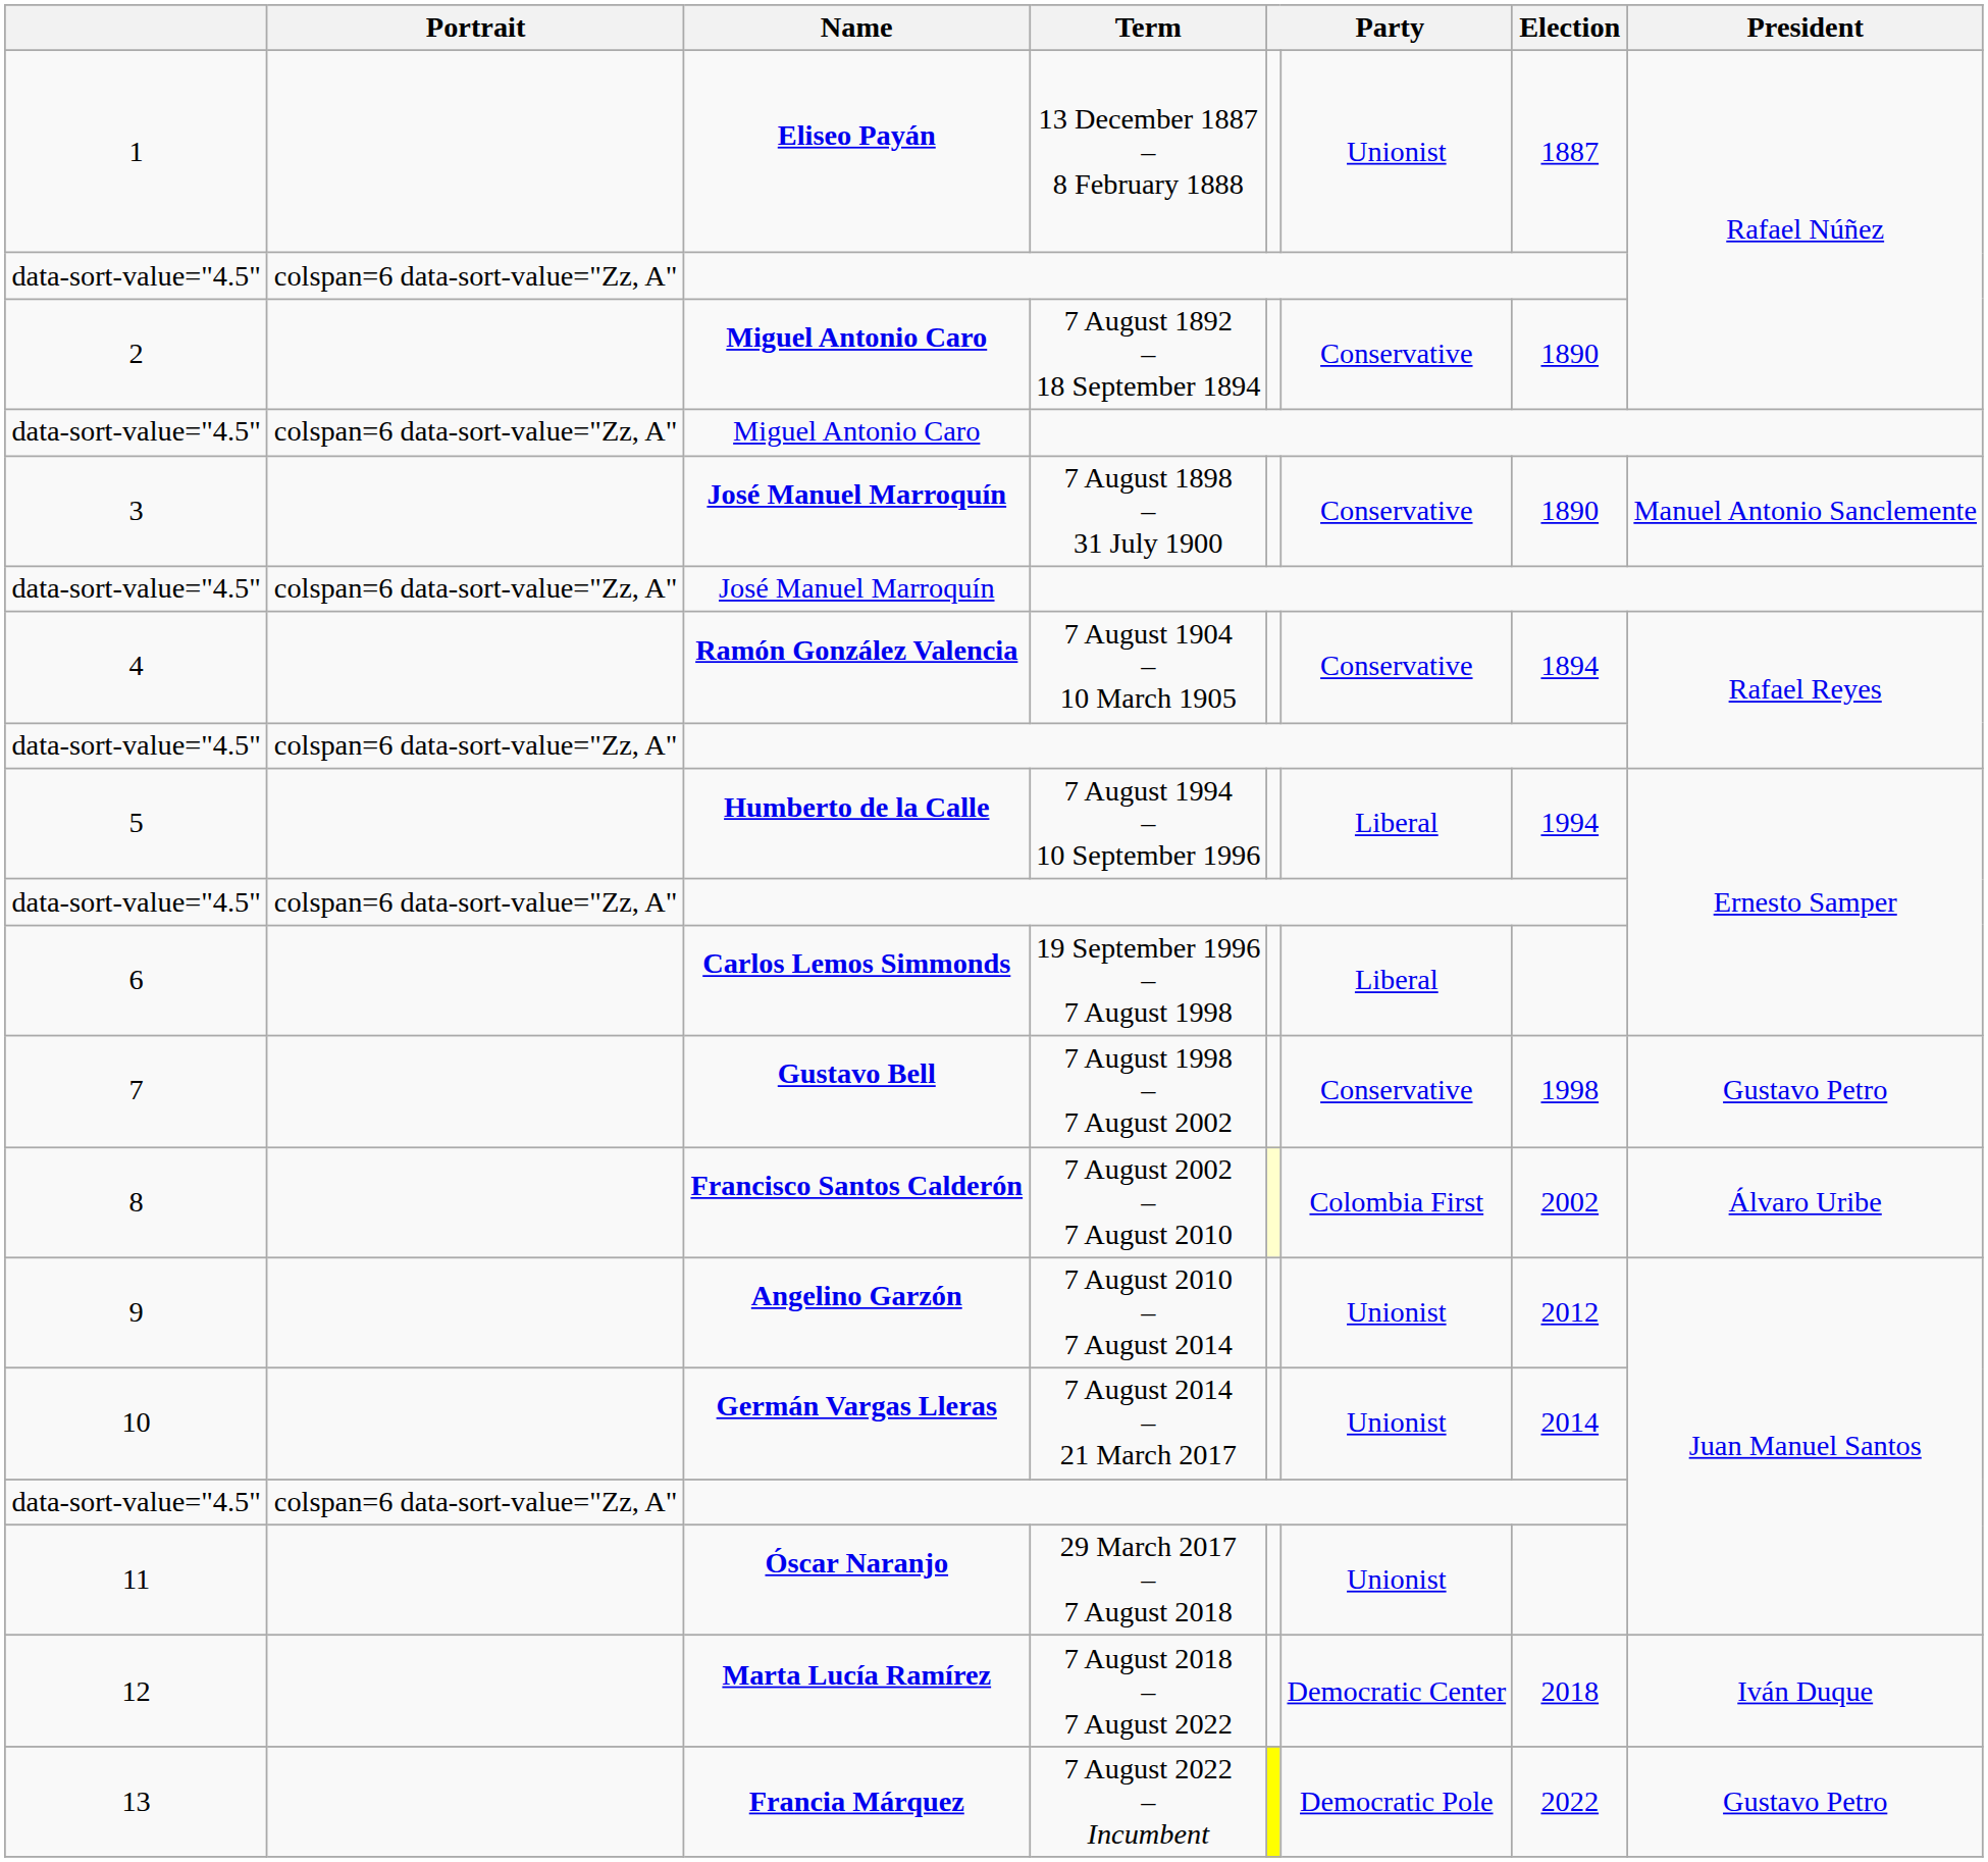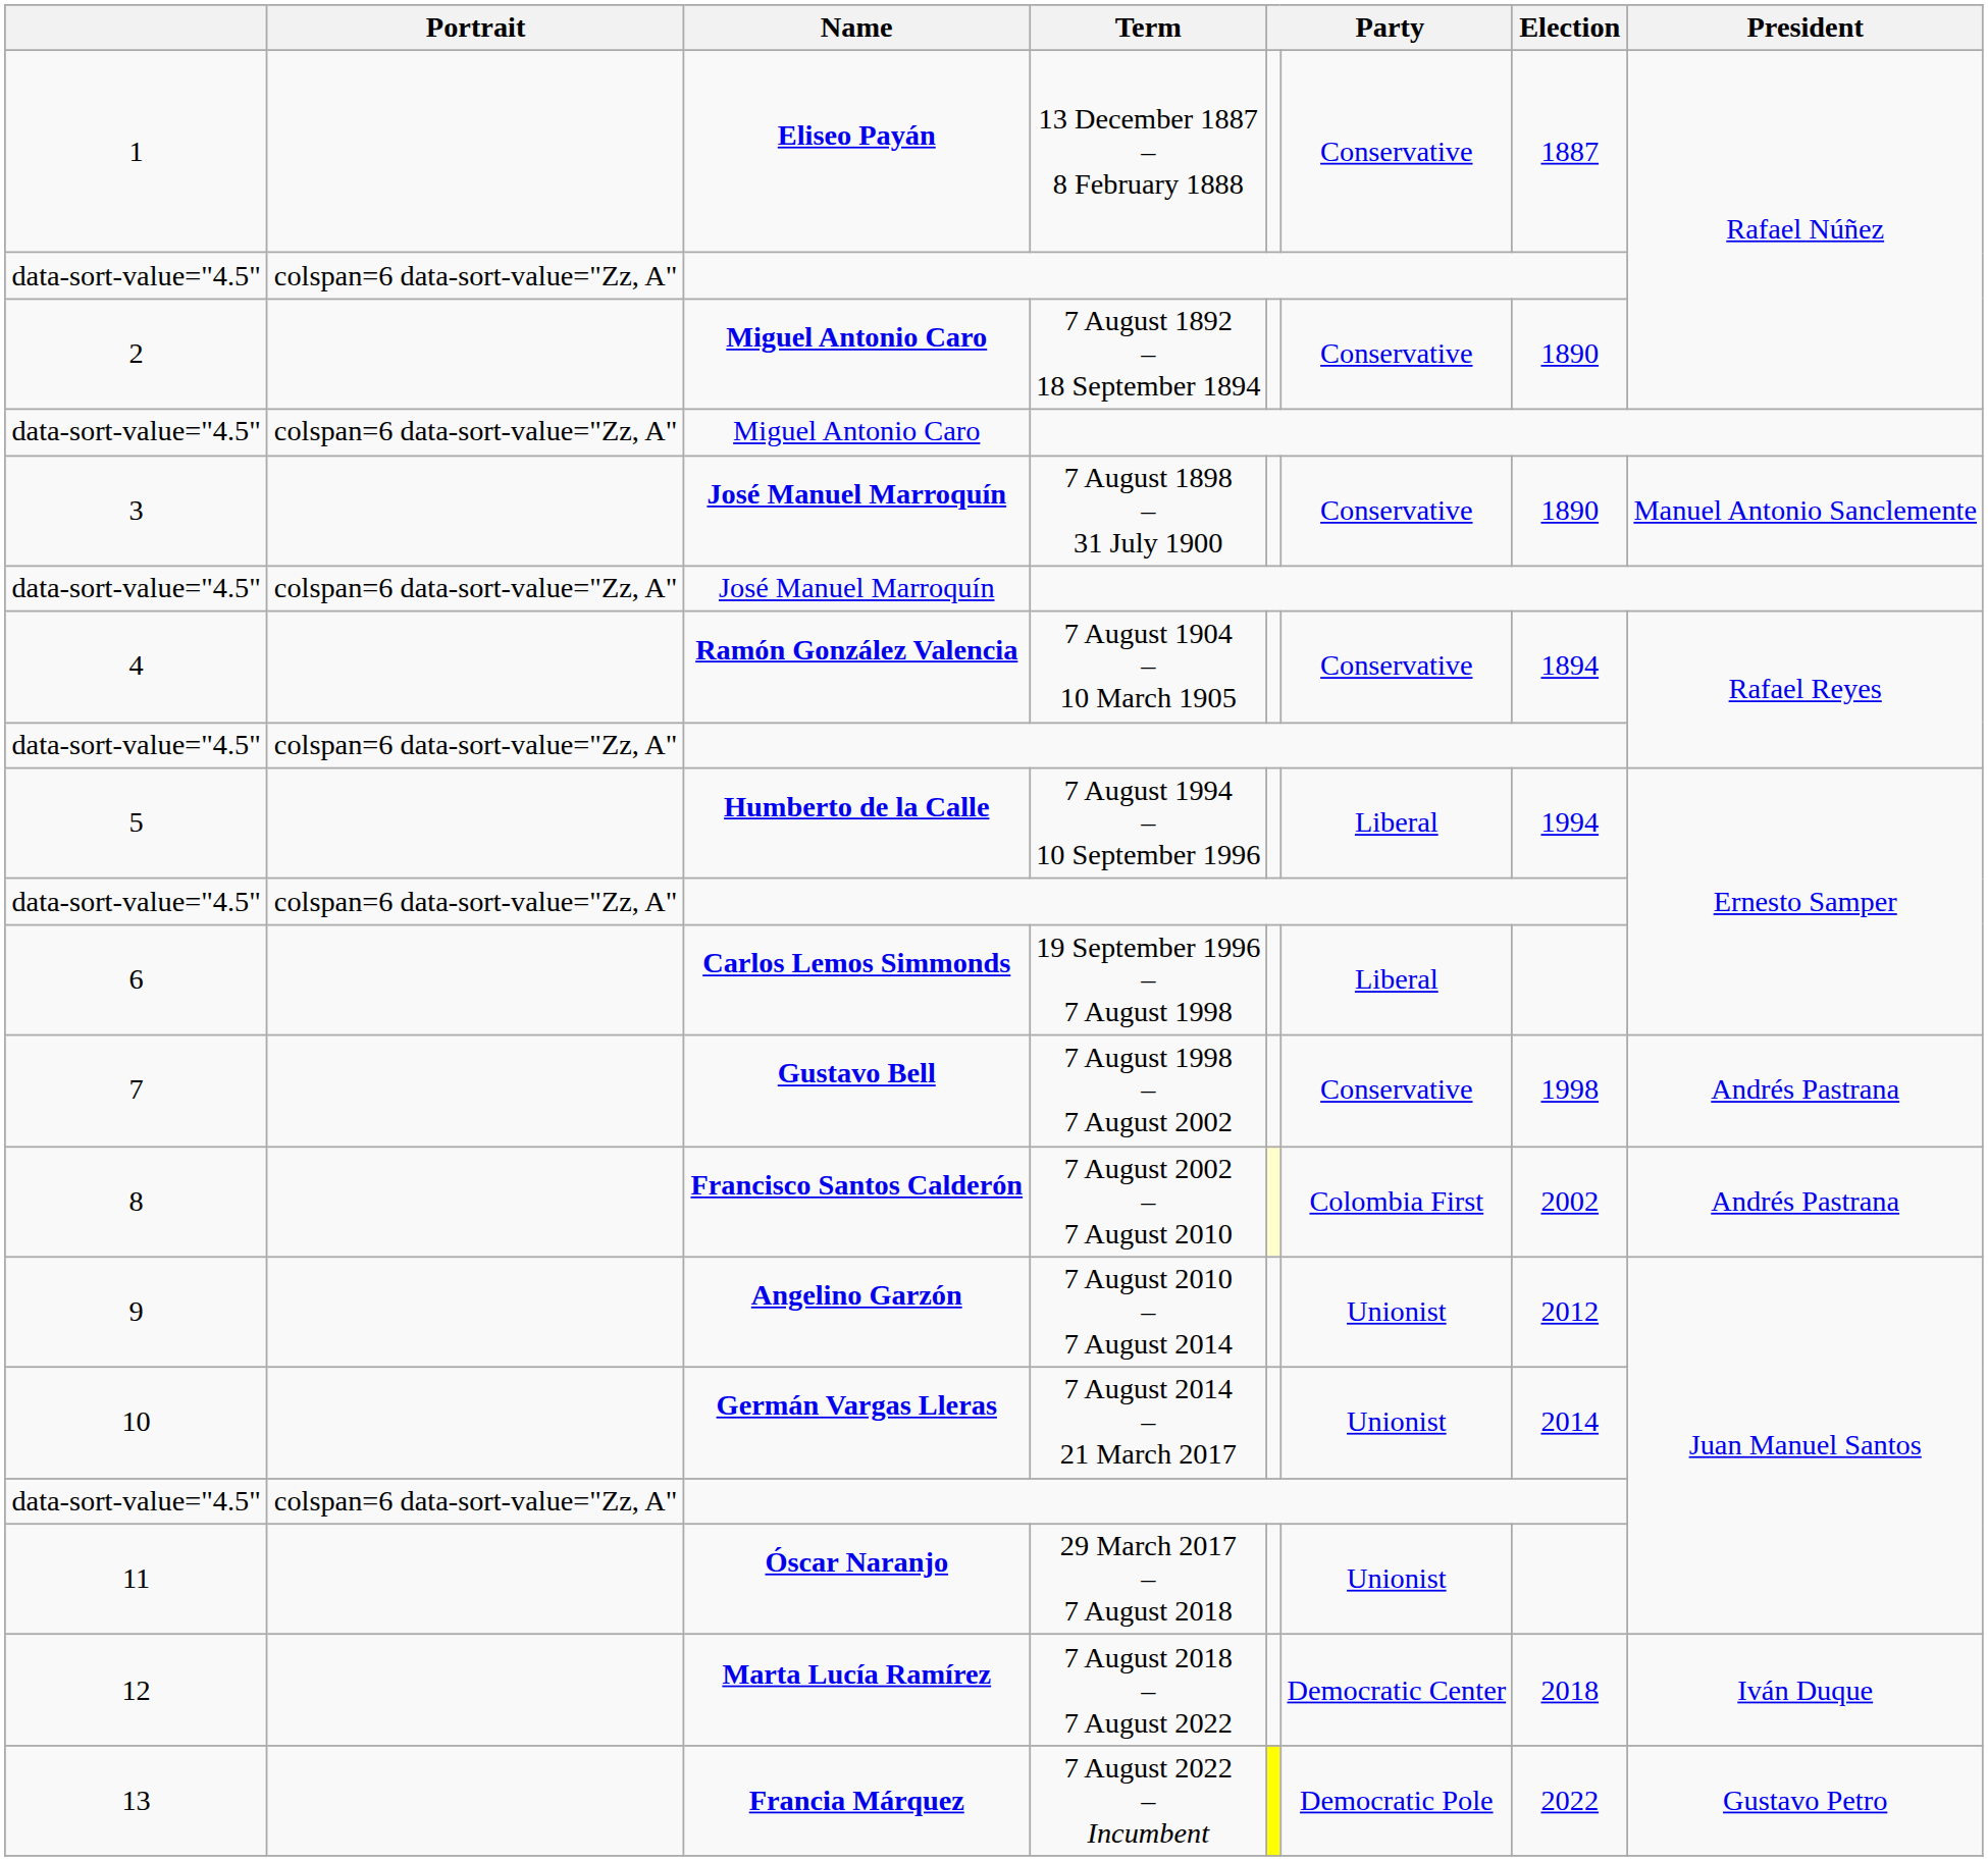 <table class="wikitable sortable" style="text-align:center">
 <tr>
 <th scope="col"></th>
 <th scope="col" class="unsortable">Portrait</th>
 <th scope="col">Name<br></th>
 <th scope="col" class="unsortable">Term</th>
 <th scope="col" colspan=2>Party</th>
 <th scope="col" class="unsortable">Election</th>
 <th scope="col">President</th>
 </tr>
 <tr style="height:7em;">
 <td>1</td>
 <td></td>
 <td data-sort-value="Payán, Eliso"><strong><a href='#'>Eliseo Payán</a></strong><br><br></td>
 <td>13 December 1887<br>–<br>8 February 1888</td>
 <td style="background:"></td>
-<td><a href='#'>Unionist</a></td>
+<td><a href='#'>Conservative</a></td>
 <td><a href='#'>1887</a></td>
 <td rowspan=3 data-sort-value="Núñez, Rafael"><a href='#'>Rafael Núñez</a></td>
 </tr>
 <tr>
 <td>data-sort-value="4.5" </td>
 <td>colspan=6 data-sort-value="Zz, A" </td>
 </tr>
 <tr>
 <td>2</td>
 <td></td>
 <td data-sort-value="Payán, Eliso"><strong><a href='#'>Miguel Antonio Caro</a></strong><br><br></td>
 <td>7 August 1892<br>–<br>18 September 1894</td>
 <td style="background:"></td>
 <td><a href='#'>Conservative</a></td>
 <td><a href='#'>1890</a></td>
 </tr>
 <tr>
 <td>data-sort-value="4.5" </td>
 <td>colspan=6 data-sort-value="Zz, A" </td>
 <td><a href='#'>Miguel Antonio Caro</a></td>
 </tr>
 <tr>
 <td>3</td>
 <td></td>
 <td data-sort-value="Payán, Eliso"><strong><a href='#'>José Manuel Marroquín</a></strong><br><br></td>
 <td>7 August 1898<br>–<br>31 July 1900</td>
 <td style="background:"></td>
 <td><a href='#'>Conservative</a></td>
 <td><a href='#'>1890</a></td>
 <td><a href='#'>Manuel Antonio Sanclemente</a></td>
 </tr>
 <tr>
 <td>data-sort-value="4.5" </td>
 <td>colspan=6 data-sort-value="Zz, A" </td>
 <td><a href='#'>José Manuel Marroquín</a></td>
 </tr>
 <tr>
 <td>4</td>
 <td></td>
 <td data-sort-value="Payán, Eliso"><strong><a href='#'>Ramón González Valencia</a></strong><br><br></td>
 <td>7 August 1904<br>–<br>10 March 1905</td>
 <td style="background:"></td>
 <td><a href='#'>Conservative</a></td>
 <td><a href='#'>1894</a></td>
 <td rowspan=2 data-sort-value="Reyes, Rafael"><a href='#'>Rafael Reyes</a></td>
 </tr>
 <tr>
 <td>data-sort-value="4.5" </td>
 <td>colspan=6 data-sort-value="Zz, A" </td>
 </tr>
 <tr>
 <td>5</td>
 <td></td>
 <td data-sort-value="Payán, Eliso"><strong><a href='#'>Humberto de la Calle</a></strong><br><br></td>
 <td>7 August 1994<br>–<br>10 September 1996</td>
 <td style="background:"></td>
 <td><a href='#'>Liberal</a></td>
 <td><a href='#'>1994</a></td>
 <td rowspan=3 data-sort-value="Samper, Ernesto"><a href='#'>Ernesto Samper</a></td>
 </tr>
 <tr>
 <td>data-sort-value="4.5" </td>
 <td>colspan=6 data-sort-value="Zz, A" </td>
 </tr>
 <tr>
 <td>6</td>
 <td></td>
 <td data-sort-value="Payán, Eliso"><strong><a href='#'>Carlos Lemos Simmonds</a></strong><br><br></td>
 <td>19 September 1996<br>–<br>7 August 1998</td>
 <td style="background:"></td>
 <td><a href='#'>Liberal</a></td>
 <td></td>
 </tr>
 <tr>
 <td>7</td>
 <td></td>
 <td data-sort-value="Payán, Eliso"><strong><a href='#'>Gustavo Bell</a></strong><br><br></td>
 <td>7 August 1998<br>–<br>7 August 2002</td>
 <td style="background:"></td>
 <td><a href='#'>Conservative</a></td>
 <td><a href='#'>1998</a></td>
-<td data-sort-value="Petro, Gustavo"><a href='#'>Gustavo Petro</a></td>
+<td><a href='#'>Andrés Pastrana</a></td>
 </tr>
 <tr>
 <td>8</td>
 <td></td>
 <td data-sort-value="Payán, Eliso"><strong><a href='#'>Francisco Santos Calderón</a></strong><br><br></td>
 <td>7 August 2002<br>–<br>7 August 2010</td>
 <td bgcolor=#FFFFCC></td>
 <td><a href='#'>Colombia First</a></td>
 <td><a href='#'>2002</a></td>
-<td><a href='#'>Álvaro Uribe</a></td>
+<td><a href='#'>Andrés Pastrana</a></td>
 </tr>
 <tr>
 <td>9</td>
 <td></td>
 <td data-sort-value="Payán, Eliso"><strong><a href='#'>Angelino Garzón</a></strong><br><br></td>
 <td>7 August 2010<br>–<br>7 August 2014</td>
 <td style="background:"></td>
 <td><a href='#'>Unionist</a></td>
 <td><a href='#'>2012</a></td>
 <td rowspan=4 data-sort-value="Santos, Juan Manuel"><a href='#'>Juan Manuel Santos</a></td>
 </tr>
 <tr>
 <td>10</td>
 <td></td>
 <td data-sort-value="Payán, Eliso"><strong><a href='#'>Germán Vargas Lleras</a></strong><br><br></td>
 <td>7 August 2014<br>–<br>21 March 2017</td>
 <td style="background:"></td>
 <td><a href='#'>Unionist</a></td>
 <td><a href='#'>2014</a></td>
 </tr>
 <tr>
 <td>data-sort-value="4.5" </td>
 <td>colspan=6 data-sort-value="Zz, A" </td>
 </tr>
 <tr>
 <td>11</td>
 <td></td>
 <td data-sort-value="Payán, Eliso"><strong><a href='#'>Óscar Naranjo</a></strong><br><br></td>
 <td>29 March 2017<br>–<br>7 August 2018</td>
 <td style="background:"></td>
 <td><a href='#'>Unionist</a></td>
 <td></td>
 </tr>
 <tr>
 <td>12</td>
 <td></td>
 <td data-sort-value="Payán, Eliso"><strong><a href='#'>Marta Lucía Ramírez</a></strong><br><br></td>
 <td>7 August 2018<br>–<br>7 August 2022</td>
 <td style="background:"></td>
 <td><a href='#'>Democratic Center</a></td>
 <td><a href='#'>2018</a></td>
 <td><a href='#'>Iván Duque</a></td>
 </tr>
 <tr>
 <td>13</td>
 <td></td>
 <td data-sort-value="Márquez, Francia"><strong><a href='#'>Francia Márquez</a></strong><br></td>
 <td>7 August 2022<br>–<br><em>Incumbent</em></td>
 <td style="background-color:Yellow"></td>
 <td><a href='#'>Democratic Pole</a></td>
 <td><a href='#'>2022</a></td>
 <td data-sort-value="Petro, Gustavo"><a href='#'>Gustavo Petro</a></td>
 </tr>
 </table>
